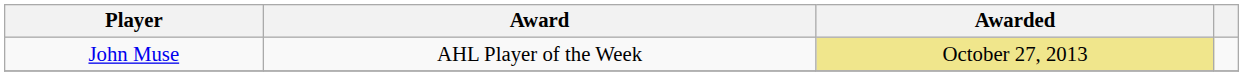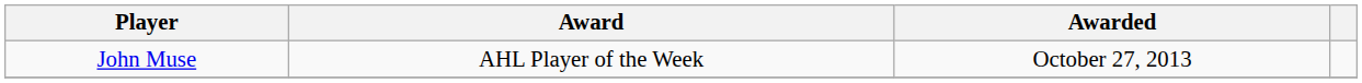 <table class="wikitable"  style="width:60%; text-align:center;">
 <tr>
 <th>Player</th>
 <th>Award</th>
 <th>Awarded</th>
 <th></th>
 </tr>
 <tr>
 <td><a href='#'>John Muse</a></td>
 <td>AHL Player of the Week</td>
-<td style="background: khaki;">October 27, 2013</td>
+<td>October 27, 2013</td>
 <td></td>
 </tr>
 <tr>
 </tr>
 </table>
